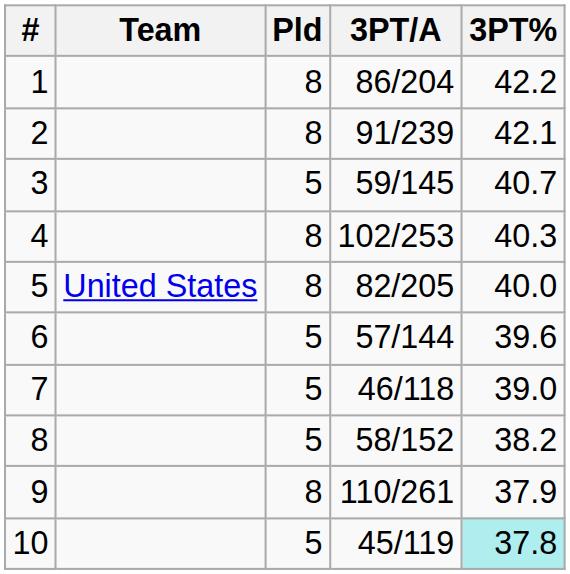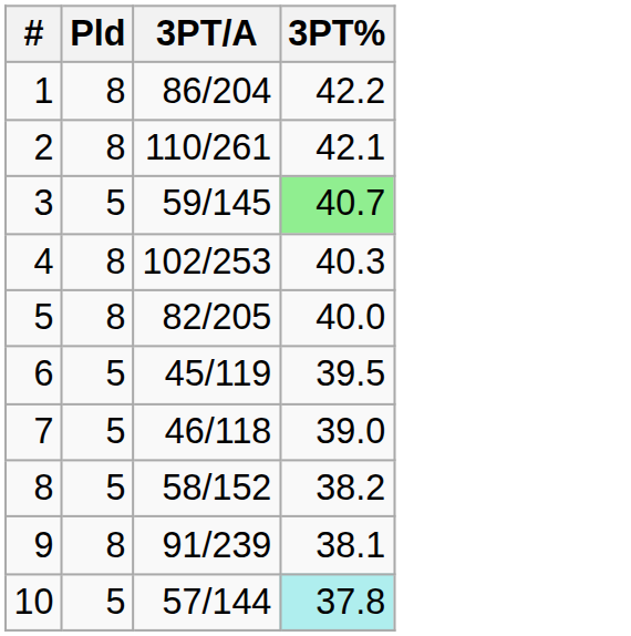 <table class=wikitable style="text-align:right; display:inline-table;">
 <tr>
 <th>#</th>
-<th>Team</th>
 <th>Pld</th>
 <th>3PT/A</th>
 <th>3PT%</th>
 </tr>
 <tr>
 <td>1</td>
-<td align=left><strong></strong></td>
 <td>8</td>
 <td>86/204</td>
 <td>42.2</td>
 </tr>
 <tr>
 <td>2</td>
-<td align=left></td>
 <td>8</td>
-<td>91/239</td>
+<td>110/261</td>
 <td>42.1</td>
 </tr>
 <tr>
 <td>3</td>
-<td align=left></td>
 <td>5</td>
 <td>59/145</td>
-<td>40.7</td>
+<td style="background: lightgreen;">40.7</td>
 </tr>
 <tr>
 <td>4</td>
-<td align=left></td>
 <td>8</td>
 <td>102/253</td>
 <td>40.3</td>
 </tr>
 <tr>
 <td>5</td>
-<td align=left> <a href='#'>United States</a></td>
 <td>8</td>
 <td>82/205</td>
 <td>40.0</td>
 </tr>
 <tr>
 <td>6</td>
-<td align=left></td>
 <td>5</td>
-<td>57/144</td>
-<td>39.6</td>
+<td>45/119</td>
+<td>39.5</td>
 </tr>
 <tr>
 <td>7</td>
-<td align=left></td>
 <td>5</td>
 <td>46/118</td>
 <td>39.0</td>
 </tr>
 <tr>
 <td>8</td>
-<td align=left></td>
 <td>5</td>
 <td>58/152</td>
 <td>38.2</td>
 </tr>
 <tr>
 <td>9</td>
-<td align=left></td>
 <td>8</td>
-<td>110/261</td>
-<td>37.9</td>
+<td>91/239</td>
+<td>38.1</td>
 </tr>
 <tr>
 <td>10</td>
-<td align=left></td>
 <td>5</td>
-<td>45/119</td>
+<td>57/144</td>
 <td style="background: paleturquoise;">37.8</td>
 </tr>
 </table>
